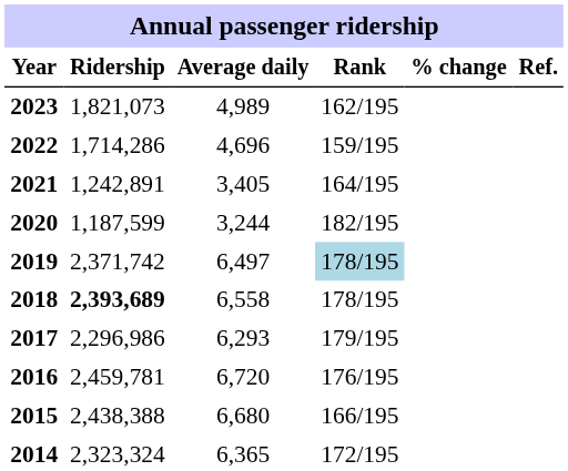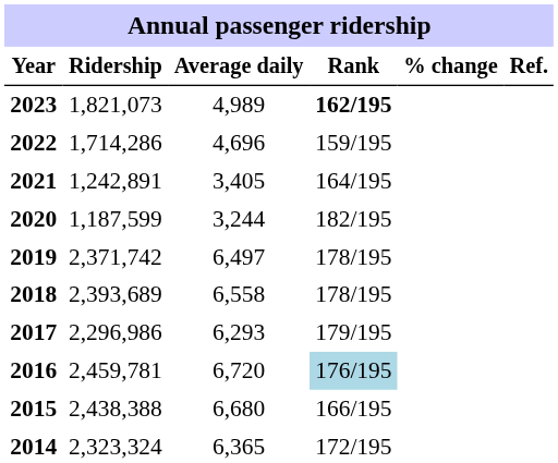 <table class="toccolours" cellpadding="4" cellspacing="0" style="text-align:right;">
 <tr>
 <th colspan="6"  style="background-color:#ccf; background-color:#ccf; font-size:110%; text-align:center;">Annual passenger ridership</th>
 </tr>
 <tr style="font-size:95%; text-align:center">
 <th style="border-bottom:1px solid black">Year</th>
 <th style="border-bottom:1px solid black">Ridership</th>
 <th style="border-bottom:1px solid black">Average daily</th>
 <th style="border-bottom:1px solid black">Rank</th>
 <th style="border-bottom:1px solid black">% change</th>
 <th style="border-bottom:1px solid black">Ref.</th>
 </tr>
 <tr style="text-align:center;">
 <td><strong>2023</strong></td>
 <td>1,821,073</td>
 <td>4,989</td>
-<td>162/195</td>
+<td><strong>162/195</strong></td>
 <td></td>
 <td></td>
 </tr>
 <tr style="text-align:center;">
 <td><strong>2022</strong></td>
 <td>1,714,286</td>
 <td>4,696</td>
 <td>159/195</td>
 <td></td>
 <td></td>
 </tr>
 <tr style="text-align:center;">
 <td><strong>2021</strong></td>
 <td>1,242,891</td>
 <td>3,405</td>
 <td>164/195</td>
 <td></td>
 <td></td>
 </tr>
 <tr style="text-align:center;">
 <td><strong>2020</strong></td>
 <td>1,187,599</td>
 <td>3,244</td>
 <td>182/195</td>
 <td></td>
 <td></td>
 </tr>
 <tr style="text-align:center;">
 <td><strong>2019</strong></td>
 <td>2,371,742</td>
 <td>6,497</td>
-<td style="background: lightblue;">178/195</td>
+<td>178/195</td>
 <td></td>
 <td></td>
 </tr>
 <tr style="text-align:center;">
 <td><strong>2018</strong></td>
-<td><strong>2,393,689</strong></td>
+<td>2,393,689</td>
 <td>6,558</td>
 <td>178/195</td>
 <td></td>
 <td></td>
 </tr>
 <tr style="text-align:center;">
 <td><strong>2017</strong></td>
 <td>2,296,986</td>
 <td>6,293</td>
 <td>179/195</td>
 <td></td>
 <td></td>
 </tr>
 <tr style="text-align:center;">
 <td><strong>2016</strong></td>
 <td>2,459,781</td>
 <td>6,720</td>
-<td>176/195</td>
+<td style="background: lightblue;">176/195</td>
 <td></td>
 <td></td>
 </tr>
 <tr style="text-align:center;">
 <td><strong>2015</strong></td>
 <td>2,438,388</td>
 <td>6,680</td>
 <td>166/195</td>
 <td></td>
 <td></td>
 </tr>
 <tr style="text-align:center;">
 <td><strong>2014</strong></td>
 <td>2,323,324</td>
 <td>6,365</td>
 <td>172/195</td>
 <td></td>
 <td></td>
 </tr>
 </table>
